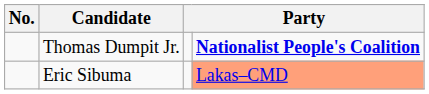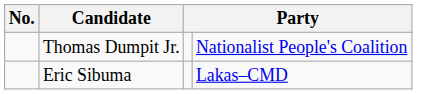 <table class="wikitable sortable" style="text-align:left;">
 <tr>
 <th>No.</th>
 <th>Candidate</th>
 <th colspan="2">Party</th>
 </tr>
 <tr>
 <td></td>
 <td>Thomas Dumpit Jr.</td>
 <td></td>
-<td><strong><a href='#'>Nationalist People's Coalition</a></strong></td>
+<td><a href='#'>Nationalist People's Coalition</a></td>
 </tr>
 <tr>
 <td></td>
 <td>Eric Sibuma</td>
 <td></td>
-<td style="background: lightsalmon;"><a href='#'>Lakas–CMD</a></td>
+<td><a href='#'>Lakas–CMD</a></td>
 </tr>
 </table>
